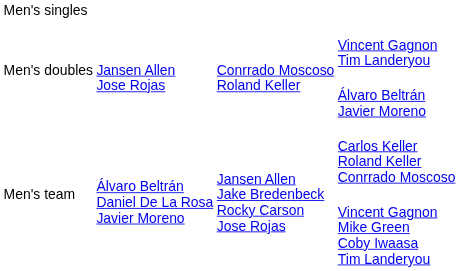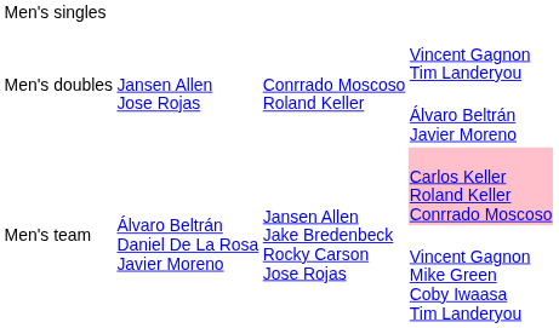 <table>
 <tr>
 <td rowspan=2>Men's singles<br></td>
 <td rowspan=2></td>
 <td rowspan=2></td>
 <td></td>
 </tr>
 <tr>
 <td></td>
 </tr>
 <tr>
 <td rowspan=2>Men's doubles<br></td>
 <td rowspan=2><br><a href='#'>Jansen Allen</a><br><a href='#'>Jose Rojas</a></td>
 <td rowspan=2><br><a href='#'>Conrrado Moscoso</a><br><a href='#'>Roland Keller</a></td>
 <td><br><a href='#'>Vincent Gagnon</a><br><a href='#'>Tim Landeryou</a></td>
 </tr>
 <tr>
 <td><br><a href='#'>Álvaro Beltrán</a><br><a href='#'>Javier Moreno</a></td>
 </tr>
 <tr>
 <td rowspan=2>Men's team<br></td>
 <td rowspan=2><br><a href='#'>Álvaro Beltrán</a><br><a href='#'>Daniel De La Rosa</a><br><a href='#'>Javier Moreno</a></td>
 <td rowspan=2><br><a href='#'>Jansen Allen</a><br><a href='#'>Jake Bredenbeck</a><br><a href='#'>Rocky Carson</a><br><a href='#'>Jose Rojas</a></td>
-<td><br><a href='#'>Carlos Keller</a> <br><a href='#'>Roland Keller</a><br><a href='#'>Conrrado Moscoso</a></td>
+<td style="background: pink;"><br><a href='#'>Carlos Keller</a> <br><a href='#'>Roland Keller</a><br><a href='#'>Conrrado Moscoso</a></td>
 </tr>
 <tr>
 <td><br><a href='#'>Vincent Gagnon</a> <br><a href='#'>Mike Green</a><br><a href='#'>Coby Iwaasa</a><br><a href='#'>Tim Landeryou</a></td>
 </tr>
 </table>
